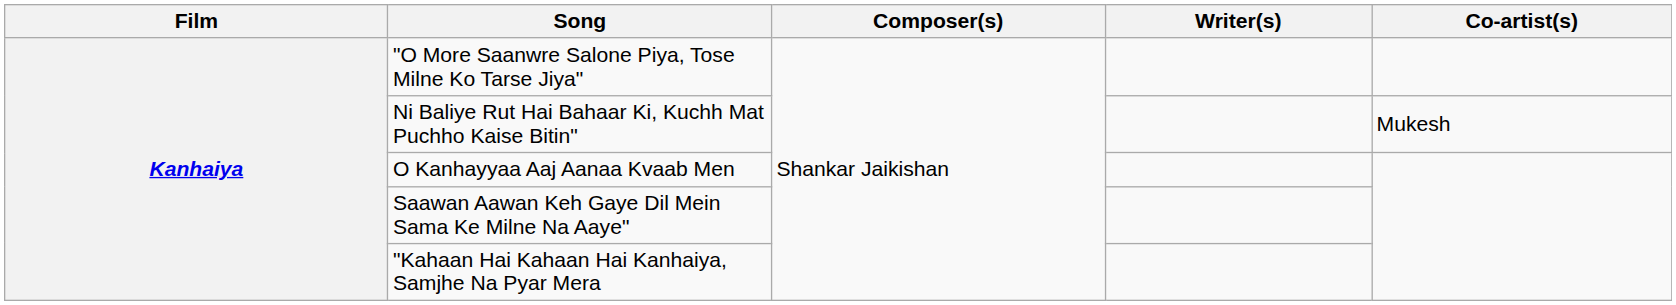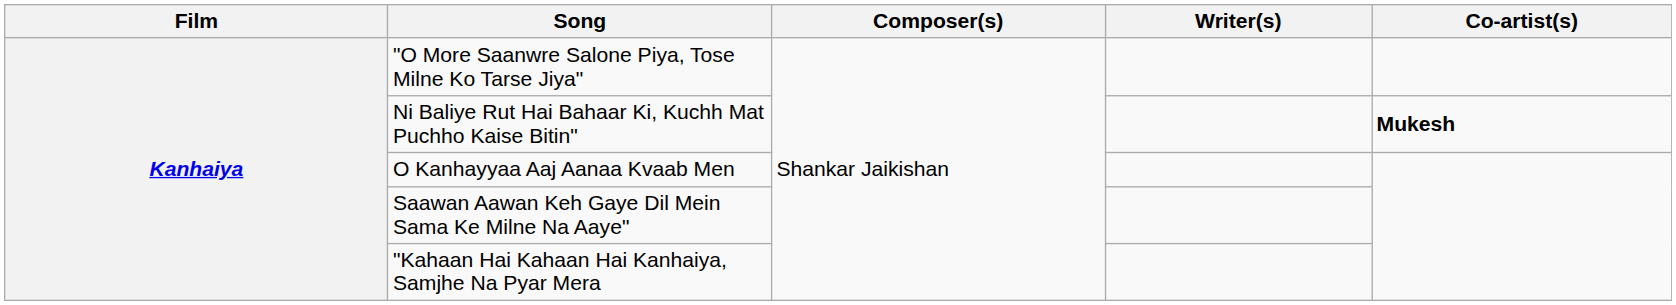 <table class="wikitable plainrowheaders" style="width:100%; textcolor:#000">
 <tr style="background:#b0e0e66;">
 <th scope="col" style="width:23%;"><strong>Film</strong></th>
 <th scope="col" style="width:23%;"><strong>Song</strong></th>
 <th scope="col" style="width:20%;"><strong>Composer(s)</strong></th>
 <th scope="col" style="width:16%;"><strong>Writer(s)</strong></th>
 <th scope="col" style="width:18%;"><strong>Co-artist(s)</strong></th>
 </tr>
 <tr>
 <th Rowspan=5><em><a href='#'>Kanhaiya</a></em></th>
 <td>"O More Saanwre Salone Piya, Tose Milne Ko Tarse Jiya"</td>
 <td rowspan=5>Shankar Jaikishan</td>
 <td></td>
 <td></td>
 </tr>
 <tr>
 <td>Ni Baliye Rut Hai Bahaar Ki, Kuchh Mat Puchho Kaise Bitin"</td>
 <td></td>
-<td>Mukesh</td>
+<td><strong>Mukesh</strong></td>
 </tr>
 <tr>
 <td>O Kanhayyaa Aaj Aanaa Kvaab Men</td>
 <td></td>
 <td rowspan=3></td>
 </tr>
 <tr>
 <td>Saawan Aawan Keh Gaye Dil Mein Sama Ke Milne Na Aaye"</td>
 <td></td>
 </tr>
 <tr>
 <td>"Kahaan Hai Kahaan Hai Kanhaiya, Samjhe Na Pyar Mera</td>
 <td></td>
 </tr>
 </table>
